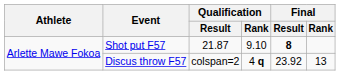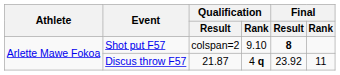 <table class="wikitable" style="font-size:90%">
 <tr>
 <th rowspan="2">Athlete</th>
 <th rowspan="2">Event</th>
 <th colspan="2">Qualification</th>
 <th colspan="2">Final</th>
 </tr>
 <tr style="font-size:95%">
 <th>Result</th>
 <th>Rank</th>
 <th>Result</th>
 <th>Rank</th>
 </tr>
 <tr align=center>
 <td align=left rowspan=2><a href='#'>Arlette Mawe Fokoa</a></td>
 <td align=left><a href='#'>Shot put F57</a></td>
-<td>21.87</td>
+<td>colspan=2 </td>
 <td>9.10</td>
 <td><strong>8</strong></td>
 </tr>
 <tr align=center>
 <td align=left><a href='#'>Discus throw F57</a></td>
-<td>colspan=2 </td>
+<td>21.87</td>
 <td>4 <strong>q</strong></td>
 <td>23.92</td>
-<td>13</td>
+<td>11</td>
 </tr>
 </table>
